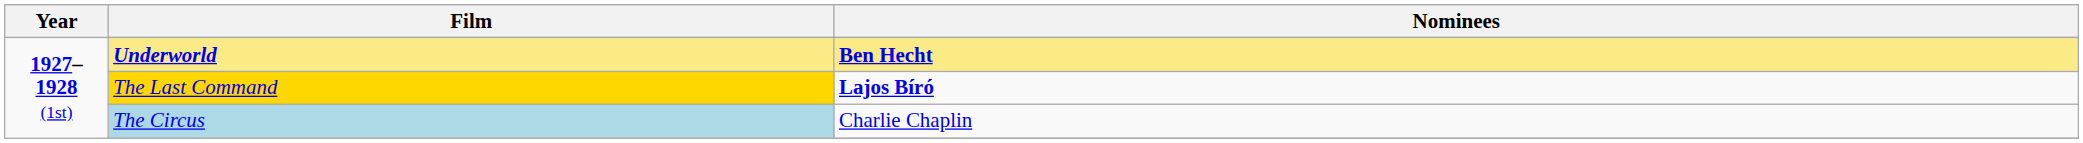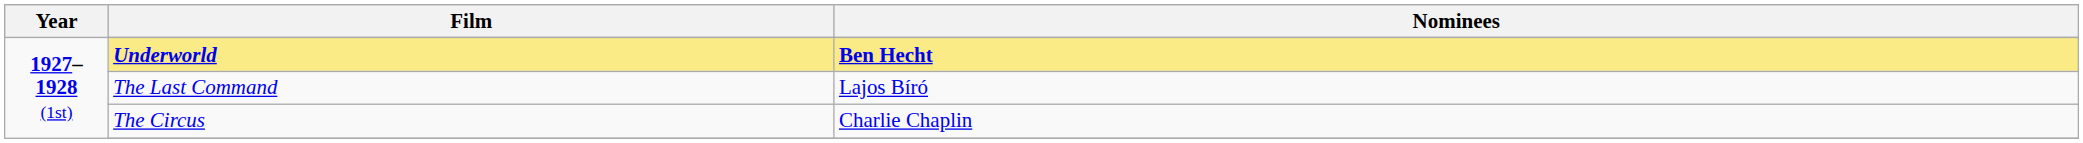 <table class="wikitable" style="width:100%">
 <tr bgcolor="#bebebe">
 <th width="5%">Year</th>
 <th width="35%">Film</th>
 <th width="60%">Nominees</th>
 </tr>
 <tr>
 <td rowspan=5 style="text-align:center"><strong><a href='#'>1927</a>–<a href='#'>1928</a></strong><br><small><a href='#'>(1st)</a></small></td>
 </tr>
 <tr style="background:#FAEB86">
 <td><strong><em><a href='#'>Underworld</a></em></strong></td>
 <td><strong><a href='#'>Ben Hecht</a></strong></td>
 </tr>
 <tr>
-<td style="background: gold;"><em><a href='#'>The Last Command</a></em></td>
-<td><strong><a href='#'>Lajos Bíró</a></strong></td>
+<td><em><a href='#'>The Last Command</a></em></td>
+<td><a href='#'>Lajos Bíró</a></td>
 </tr>
 <tr>
-<td style="background: lightblue;"><em><a href='#'>The Circus</a></em></td>
+<td><em><a href='#'>The Circus</a></em></td>
 <td><a href='#'>Charlie Chaplin</a></td>
 </tr>
 <tr>
 </tr>
 </table>
